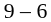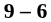 <table style="text-align:center">
 <tr>
 <th width=200></th>
 <th width=100></th>
 <th width=200></th>
 </tr>
 <tr>
 <td align=right><strong></strong></td>
-<td>9 – 6</td>
+<td><strong>9 – 6</strong></td>
 <td align=left></td>
 </tr>
 </table>
